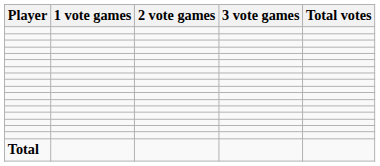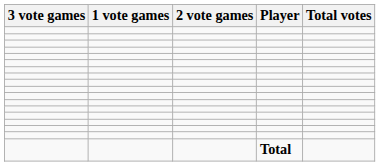 <table class="wikitable">
 <tr>
-<th>Player</th>
+<th>3 vote games</th>
 <th>1 vote games</th>
 <th>2 vote games</th>
-<th>3 vote games</th>
+<th>Player</th>
 <th>Total votes</th>
 </tr>
 <tr>
 <td></td>
 <td></td>
 <td></td>
 <td></td>
 <td></td>
 </tr>
 <tr>
 <td></td>
 <td></td>
 <td></td>
 <td></td>
 <td></td>
 </tr>
 <tr>
 <td></td>
 <td></td>
 <td></td>
 <td></td>
 <td></td>
 </tr>
 <tr>
 <td></td>
 <td></td>
 <td></td>
 <td></td>
 <td></td>
 </tr>
 <tr>
 <td></td>
 <td></td>
 <td></td>
 <td></td>
 <td></td>
 </tr>
 <tr>
 <td></td>
 <td></td>
 <td></td>
 <td></td>
 <td></td>
 </tr>
 <tr>
 <td></td>
 <td></td>
 <td></td>
 <td></td>
 <td></td>
 </tr>
 <tr>
 <td></td>
 <td></td>
 <td></td>
 <td></td>
 <td></td>
 </tr>
 <tr>
 <td></td>
 <td></td>
 <td></td>
 <td></td>
 <td></td>
 </tr>
 <tr>
 <td></td>
 <td></td>
 <td></td>
 <td></td>
 <td></td>
 </tr>
 <tr>
 <td></td>
 <td></td>
 <td></td>
 <td></td>
 <td></td>
 </tr>
 <tr>
 <td></td>
 <td></td>
 <td></td>
 <td></td>
 <td></td>
 </tr>
 <tr>
 <td></td>
 <td></td>
 <td></td>
 <td></td>
 <td></td>
 </tr>
 <tr>
 <td></td>
 <td></td>
 <td></td>
 <td></td>
 <td></td>
 </tr>
 <tr>
 <td></td>
 <td></td>
 <td></td>
 <td></td>
 <td></td>
 </tr>
 <tr>
 <td></td>
 <td></td>
 <td></td>
 <td></td>
 <td></td>
 </tr>
 <tr>
 <td></td>
 <td></td>
 <td></td>
 <td></td>
 <td></td>
 </tr>
 <tr>
-<td><strong>Total</strong></td>
 <td></td>
 <td></td>
 <td></td>
+<td><strong>Total</strong></td>
 <td></td>
 </tr>
 </table>
